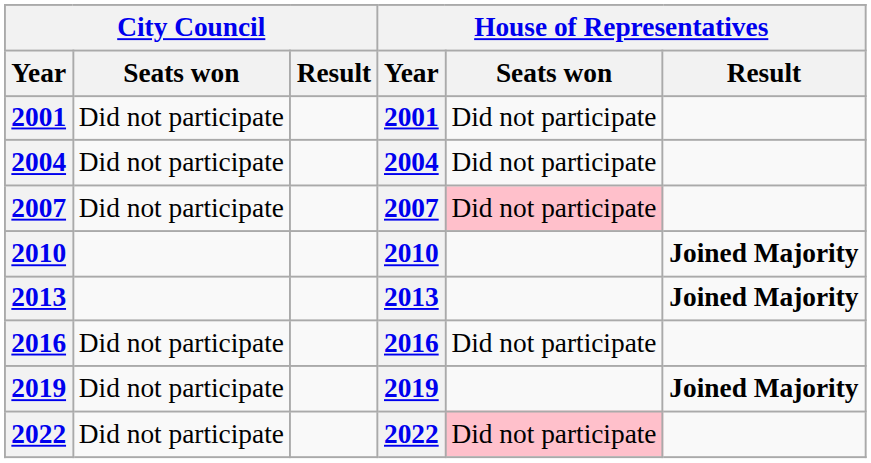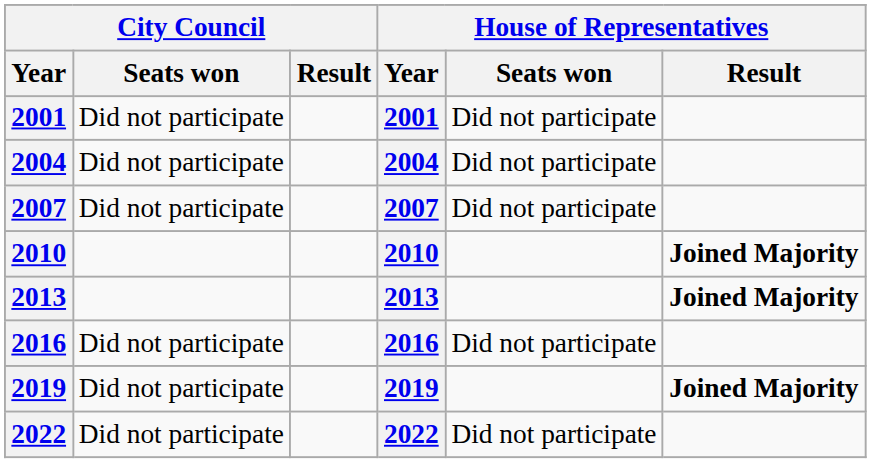 <table class="wikitable" style="text-align:center; font-size:90%">
 <tr>
 <th colspan="3"><a href='#'>City Council</a></th>
 <th colspan="3"><a href='#'>House of Representatives</a></th>
 </tr>
 <tr>
 <th>Year</th>
 <th>Seats won</th>
 <th>Result</th>
 <th>Year</th>
 <th>Seats won</th>
 <th>Result</th>
 </tr>
 <tr>
 <th><a href='#'>2001</a></th>
 <td>Did not participate</td>
 <td></td>
 <th><a href='#'>2001</a></th>
 <td>Did not participate</td>
 <td></td>
 </tr>
 <tr>
 <th><a href='#'>2004</a></th>
 <td>Did not participate</td>
 <td></td>
 <th><a href='#'>2004</a></th>
 <td>Did not participate</td>
 <td></td>
 </tr>
 <tr>
 <th><a href='#'>2007</a></th>
 <td>Did not participate</td>
 <td></td>
 <th><a href='#'>2007</a></th>
-<td style="background: pink;">Did not participate</td>
+<td>Did not participate</td>
 <td></td>
 </tr>
 <tr>
 <th><a href='#'>2010</a></th>
 <td></td>
 <td></td>
 <th><a href='#'>2010</a></th>
 <td></td>
 <td><strong>Joined Majority</strong></td>
 </tr>
 <tr>
 <th><a href='#'>2013</a></th>
 <td></td>
 <td></td>
 <th><a href='#'>2013</a></th>
 <td></td>
 <td><strong>Joined Majority</strong></td>
 </tr>
 <tr>
 <th><a href='#'>2016</a></th>
 <td>Did not participate</td>
 <td></td>
 <th><a href='#'>2016</a></th>
 <td>Did not participate</td>
 <td></td>
 </tr>
 <tr>
 <th><a href='#'>2019</a></th>
 <td>Did not participate</td>
 <td></td>
 <th><a href='#'>2019</a></th>
 <td></td>
 <td><strong>Joined Majority</strong></td>
 </tr>
 <tr>
 <th><a href='#'>2022</a></th>
 <td>Did not participate</td>
 <td></td>
 <th><a href='#'>2022</a></th>
-<td style="background: pink;">Did not participate</td>
+<td>Did not participate</td>
 <td></td>
 </tr>
 </table>
